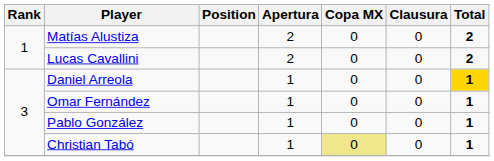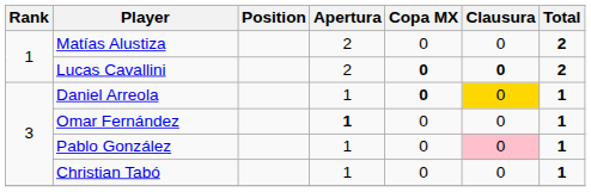 <table class="wikitable">
 <tr>
 <th>Rank</th>
 <th style="width:175px;">Player</th>
 <th>Position</th>
 <th>Apertura</th>
 <th>Copa MX</th>
 <th>Clausura</th>
 <th>Total</th>
 </tr>
 <tr>
 <td align=center rowspan=2>1</td>
 <td> <a href='#'>Matías Alustiza</a></td>
 <td align=center></td>
 <td align=center>2</td>
 <td align=center>0</td>
 <td align=center>0</td>
 <td align=center><strong>2</strong></td>
 </tr>
 <tr>
 <td> <a href='#'>Lucas Cavallini</a></td>
 <td align=center></td>
 <td align=center>2</td>
-<td align=center>0</td>
-<td align=center>0</td>
+<td align=center><strong>0</strong></td>
+<td align=center><strong>0</strong></td>
 <td align=center><strong>2</strong></td>
 </tr>
 <tr>
 <td align=center rowspan=4>3</td>
 <td> <a href='#'>Daniel Arreola</a></td>
 <td align=center></td>
 <td align=center>1</td>
-<td align=center>0</td>
-<td align=center>0</td>
-<td align=center style="background: gold;"><strong>1</strong></td>
+<td align=center><strong>0</strong></td>
+<td align=center style="background: gold;">0</td>
+<td align=center><strong>1</strong></td>
 </tr>
 <tr>
 <td> <a href='#'>Omar Fernández</a></td>
 <td align=center></td>
-<td align=center>1</td>
+<td align=center><strong>1</strong></td>
 <td align=center>0</td>
 <td align=center>0</td>
 <td align=center><strong>1</strong></td>
 </tr>
 <tr>
 <td> <a href='#'>Pablo González</a></td>
 <td align=center></td>
 <td align=center>1</td>
 <td align=center>0</td>
-<td align=center>0</td>
+<td align=center style="background: pink;">0</td>
 <td align=center><strong>1</strong></td>
 </tr>
 <tr>
 <td> <a href='#'>Christian Tabó</a></td>
 <td align=center></td>
 <td align=center>1</td>
-<td align=center style="background: khaki;">0</td>
+<td align=center>0</td>
 <td align=center>0</td>
 <td align=center><strong>1</strong></td>
 </tr>
 <tr>
 </tr>
 </table>
